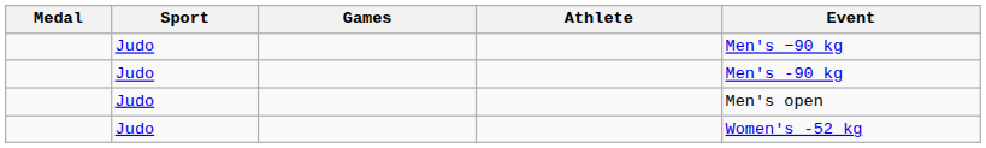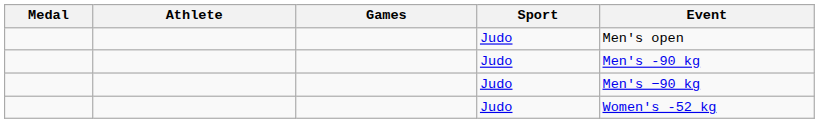 <table class="wikitable sortable" style="font-size:90%">
 <tr>
 <th width="70">Medal</th>
+<th width="170">Athlete</th>
+<th width="150">Games</th>
 <th width="100">Sport</th>
-<th width="150">Games</th>
-<th width="170">Athlete</th>
 <th width="180">Event</th>
 </tr>
 <tr>
 <td></td>
+<td> </td>
+<td></td>
 <td><a href='#'>Judo</a></td>
+<td>Men's open</td>
+</tr>
+<tr>
 <td></td>
 <td> </td>
+<td></td>
+<td> <a href='#'>Judo</a></td>
+<td><a href='#'>Men's -90 kg</a></td>
+</tr>
+<tr>
+<td></td>
+<td> </td>
+<td></td>
+<td> <a href='#'>Judo</a></td>
 <td><a href='#'>Men's −90 kg</a></td>
 </tr>
 <tr>
 <td></td>
-<td> <a href='#'>Judo</a></td>
-<td></td>
 <td> </td>
-<td><a href='#'>Men's -90 kg</a></td>
-</tr>
-<tr>
 <td></td>
 <td> <a href='#'>Judo</a></td>
-<td></td>
-<td> </td>
-<td>Men's open</td>
-</tr>
-<tr>
-<td></td>
-<td> <a href='#'>Judo</a></td>
-<td></td>
-<td> </td>
 <td><a href='#'>Women's -52 kg</a></td>
 </tr>
 </table>
